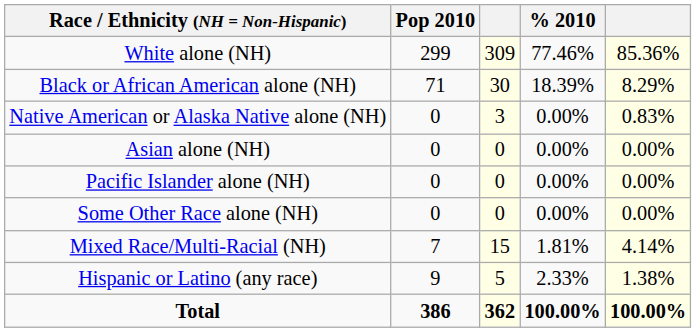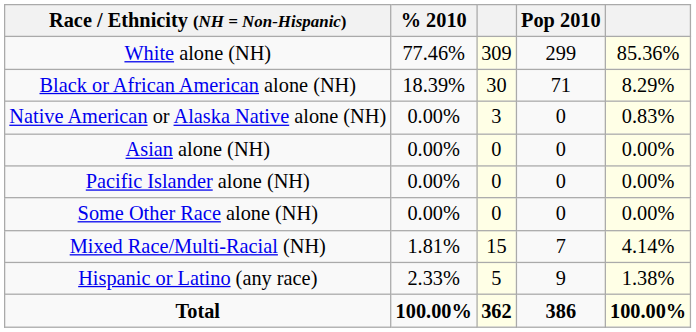 <table class="wikitable" style="text-align:center;">
 <tr>
 <th>Race / Ethnicity <small>(<em>NH = Non-Hispanic</em>)</small></th>
+<th>% 2010</th>
+<th></th>
 <th>Pop 2010</th>
-<th></th>
-<th>% 2010</th>
 <th></th>
 </tr>
 <tr>
 <td><a href='#'>White</a> alone (NH)</td>
+<td>77.46%</td>
+<td style='background: #ffffe6;'>309</td>
 <td>299</td>
-<td style='background: #ffffe6;'>309</td>
-<td>77.46%</td>
 <td style='background: #ffffe6;'>85.36%</td>
 </tr>
 <tr>
 <td><a href='#'>Black or African American</a> alone (NH)</td>
+<td>18.39%</td>
+<td style='background: #ffffe6;'>30</td>
 <td>71</td>
-<td style='background: #ffffe6;'>30</td>
-<td>18.39%</td>
 <td style='background: #ffffe6;'>8.29%</td>
 </tr>
 <tr>
 <td><a href='#'>Native American</a> or <a href='#'>Alaska Native</a> alone (NH)</td>
+<td>0.00%</td>
+<td style='background: #ffffe6;'>3</td>
 <td>0</td>
-<td style='background: #ffffe6;'>3</td>
-<td>0.00%</td>
 <td style='background: #ffffe6;'>0.83%</td>
 </tr>
 <tr>
 <td><a href='#'>Asian</a> alone (NH)</td>
+<td>0.00%</td>
+<td style='background: #ffffe6;'>0</td>
 <td>0</td>
-<td style='background: #ffffe6;'>0</td>
-<td>0.00%</td>
 <td style='background: #ffffe6;'>0.00%</td>
 </tr>
 <tr>
 <td><a href='#'>Pacific Islander</a> alone (NH)</td>
+<td>0.00%</td>
+<td style='background: #ffffe6;'>0</td>
 <td>0</td>
-<td style='background: #ffffe6;'>0</td>
-<td>0.00%</td>
 <td style='background: #ffffe6;'>0.00%</td>
 </tr>
 <tr>
 <td><a href='#'>Some Other Race</a> alone (NH)</td>
+<td>0.00%</td>
+<td style='background: #ffffe6;'>0</td>
 <td>0</td>
-<td style='background: #ffffe6;'>0</td>
-<td>0.00%</td>
 <td style='background: #ffffe6;'>0.00%</td>
 </tr>
 <tr>
 <td><a href='#'>Mixed Race/Multi-Racial</a> (NH)</td>
+<td>1.81%</td>
+<td style='background: #ffffe6;'>15</td>
 <td>7</td>
-<td style='background: #ffffe6;'>15</td>
-<td>1.81%</td>
 <td style='background: #ffffe6;'>4.14%</td>
 </tr>
 <tr>
 <td><a href='#'>Hispanic or Latino</a> (any race)</td>
+<td>2.33%</td>
+<td style='background: #ffffe6;'>5</td>
 <td>9</td>
-<td style='background: #ffffe6;'>5</td>
-<td>2.33%</td>
 <td style='background: #ffffe6;'>1.38%</td>
 </tr>
 <tr>
 <td><strong>Total</strong></td>
+<td><strong>100.00%</strong></td>
+<td style='background: #ffffe6;'><strong>362</strong></td>
 <td><strong>386</strong></td>
-<td style='background: #ffffe6;'><strong>362</strong></td>
-<td><strong>100.00%</strong></td>
 <td style='background: #ffffe6;'><strong>100.00%</strong></td>
 </tr>
 </table>
